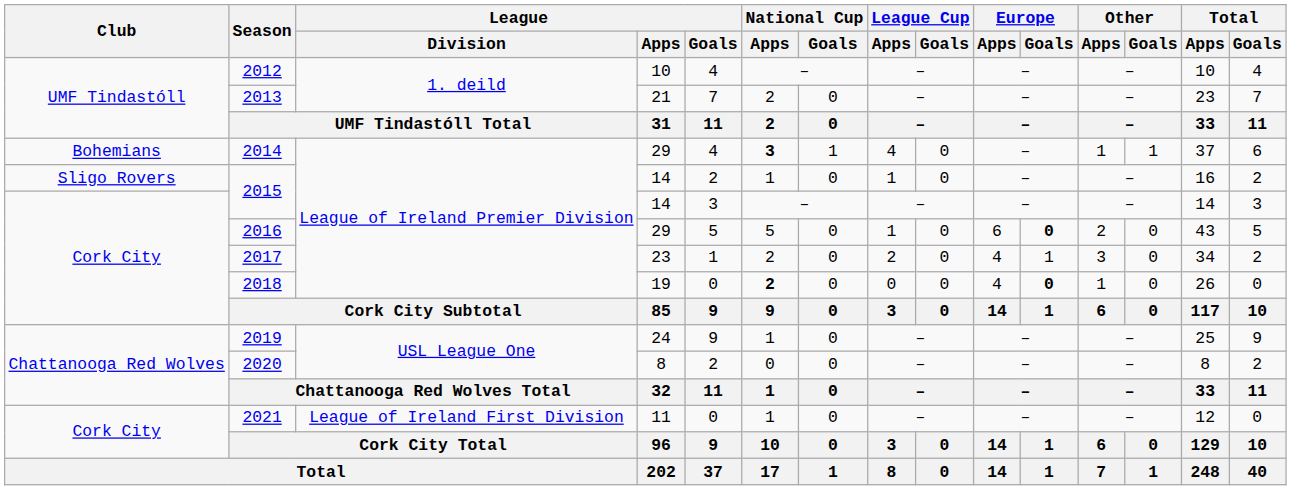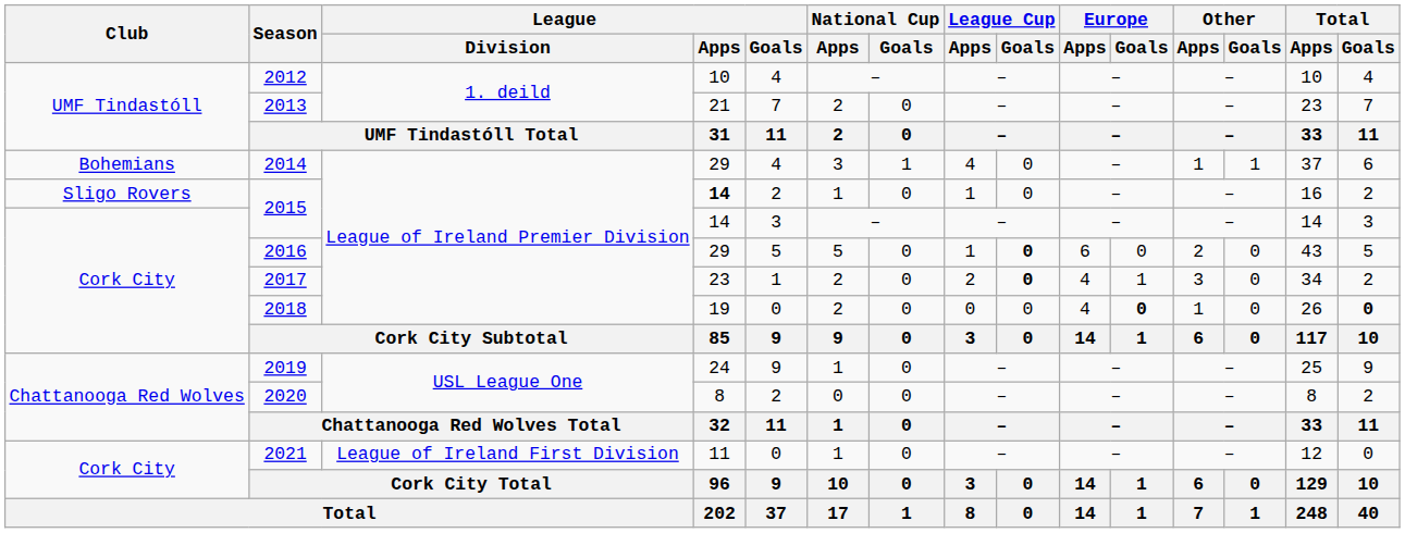 <table class=wikitable style=text-align:center>
 <tr>
 <th rowspan=2>Club</th>
 <th rowspan=2>Season</th>
 <th colspan=3>League</th>
 <th colspan=2>National Cup</th>
 <th colspan=2><a href='#'>League Cup</a></th>
 <th colspan=2><a href='#'>Europe</a></th>
 <th colspan=2>Other</th>
 <th colspan=2>Total</th>
 </tr>
 <tr>
 <th>Division</th>
 <th>Apps</th>
 <th>Goals</th>
 <th>Apps</th>
 <th>Goals</th>
 <th>Apps</th>
 <th>Goals</th>
 <th>Apps</th>
 <th>Goals</th>
 <th>Apps</th>
 <th>Goals</th>
 <th>Apps</th>
 <th>Goals</th>
 </tr>
 <tr>
 <td rowspan="3"><a href='#'>UMF Tindastóll</a></td>
 <td><a href='#'>2012</a></td>
 <td rowspan="2"><a href='#'>1. deild</a></td>
 <td>10</td>
 <td>4</td>
 <td colspan="2">–</td>
 <td colspan="2">–</td>
 <td colspan="2">–</td>
 <td colspan="2">–</td>
 <td>10</td>
 <td>4</td>
 </tr>
 <tr>
 <td><a href='#'>2013</a></td>
 <td>21</td>
 <td>7</td>
 <td>2</td>
 <td>0</td>
 <td colspan="2">–</td>
 <td colspan="2">–</td>
 <td colspan="2">–</td>
 <td>23</td>
 <td>7</td>
 </tr>
 <tr>
 <th colspan="2">UMF Tindastóll Total</th>
 <th>31</th>
 <th>11</th>
 <th>2</th>
 <th>0</th>
 <th colspan="2">–</th>
 <th colspan="2">–</th>
 <th colspan="2">–</th>
 <th>33</th>
 <th>11</th>
 </tr>
 <tr>
 <td><a href='#'>Bohemians</a></td>
 <td><a href='#'>2014</a></td>
 <td rowspan="6"><a href='#'>League of Ireland Premier Division</a></td>
 <td>29</td>
 <td>4</td>
-<td><strong>3</strong></td>
+<td>3</td>
 <td>1</td>
 <td>4</td>
 <td>0</td>
 <td colspan="2">–</td>
 <td>1</td>
 <td>1</td>
 <td>37</td>
 <td>6</td>
 </tr>
 <tr>
 <td><a href='#'>Sligo Rovers</a></td>
 <td rowspan="2"><a href='#'>2015</a></td>
-<td>14</td>
+<td><strong>14</strong></td>
 <td>2</td>
 <td>1</td>
 <td>0</td>
 <td>1</td>
 <td>0</td>
 <td colspan="2">–</td>
 <td colspan="2">–</td>
 <td>16</td>
 <td>2</td>
 </tr>
 <tr>
 <td rowspan="5"><a href='#'>Cork City</a></td>
 <td>14</td>
 <td>3</td>
 <td colspan="2">–</td>
 <td colspan="2">–</td>
 <td colspan="2">–</td>
 <td colspan="2">–</td>
 <td>14</td>
 <td>3</td>
 </tr>
 <tr>
 <td><a href='#'>2016</a></td>
 <td>29</td>
 <td>5</td>
 <td>5</td>
 <td>0</td>
 <td>1</td>
+<td><strong>0</strong></td>
+<td>6</td>
 <td>0</td>
-<td>6</td>
-<td><strong>0</strong></td>
 <td>2</td>
 <td>0</td>
 <td>43</td>
 <td>5</td>
 </tr>
 <tr>
 <td><a href='#'>2017</a></td>
 <td>23</td>
 <td>1</td>
 <td>2</td>
 <td>0</td>
 <td>2</td>
-<td>0</td>
+<td><strong>0</strong></td>
 <td>4</td>
 <td>1</td>
 <td>3</td>
 <td>0</td>
 <td>34</td>
 <td>2</td>
 </tr>
 <tr>
 <td><a href='#'>2018</a></td>
 <td>19</td>
 <td>0</td>
-<td><strong>2</strong></td>
+<td>2</td>
 <td>0</td>
 <td>0</td>
 <td>0</td>
 <td>4</td>
 <td><strong>0</strong></td>
 <td>1</td>
 <td>0</td>
 <td>26</td>
-<td>0</td>
+<td><strong>0</strong></td>
 </tr>
 <tr>
 <th colspan="2">Cork City Subtotal</th>
 <th>85</th>
 <th>9</th>
 <th>9</th>
 <th>0</th>
 <th>3</th>
 <th>0</th>
 <th>14</th>
 <th>1</th>
 <th>6</th>
 <th>0</th>
 <th>117</th>
 <th>10</th>
 </tr>
 <tr>
 <td rowspan="3"><a href='#'>Chattanooga Red Wolves</a></td>
 <td><a href='#'>2019</a></td>
 <td rowspan="2"><a href='#'>USL League One</a></td>
 <td>24</td>
 <td>9</td>
 <td>1</td>
 <td>0</td>
 <td colspan="2">–</td>
 <td colspan="2">–</td>
 <td colspan="2">–</td>
 <td>25</td>
 <td>9</td>
 </tr>
 <tr>
 <td><a href='#'>2020</a></td>
 <td>8</td>
 <td>2</td>
 <td>0</td>
 <td>0</td>
 <td colspan="2">–</td>
 <td colspan="2">–</td>
 <td colspan="2">–</td>
 <td>8</td>
 <td>2</td>
 </tr>
 <tr>
 <th colspan="2">Chattanooga Red Wolves Total</th>
 <th>32</th>
 <th>11</th>
 <th>1</th>
 <th>0</th>
 <th colspan="2">–</th>
 <th colspan="2">–</th>
 <th colspan="2">–</th>
 <th>33</th>
 <th>11</th>
 </tr>
 <tr>
 <td rowspan="2"><a href='#'>Cork City</a></td>
 <td><a href='#'>2021</a></td>
 <td><a href='#'>League of Ireland First Division</a></td>
 <td>11</td>
 <td>0</td>
 <td>1</td>
 <td>0</td>
 <td colspan="2">–</td>
 <td colspan="2">–</td>
 <td colspan="2">–</td>
 <td>12</td>
 <td>0</td>
 </tr>
 <tr>
 <th colspan="2">Cork City Total</th>
 <th>96</th>
 <th>9</th>
 <th>10</th>
 <th>0</th>
 <th>3</th>
 <th>0</th>
 <th>14</th>
 <th>1</th>
 <th>6</th>
 <th>0</th>
 <th>129</th>
 <th>10</th>
 </tr>
 <tr>
 <th colspan="3">Total</th>
 <th>202</th>
 <th>37</th>
 <th>17</th>
 <th>1</th>
 <th>8</th>
 <th>0</th>
 <th>14</th>
 <th>1</th>
 <th>7</th>
 <th>1</th>
 <th>248</th>
 <th>40</th>
 </tr>
 </table>
